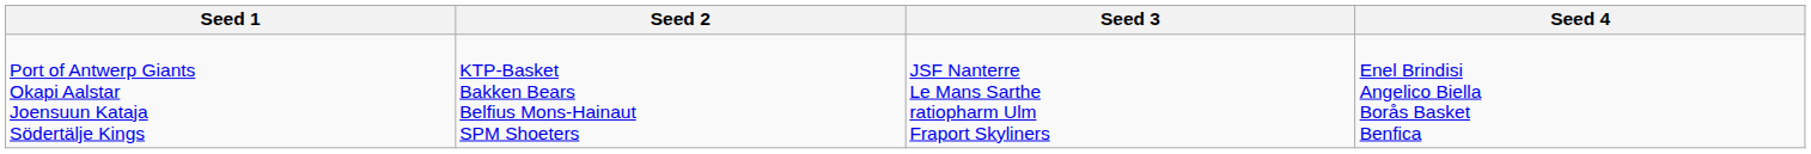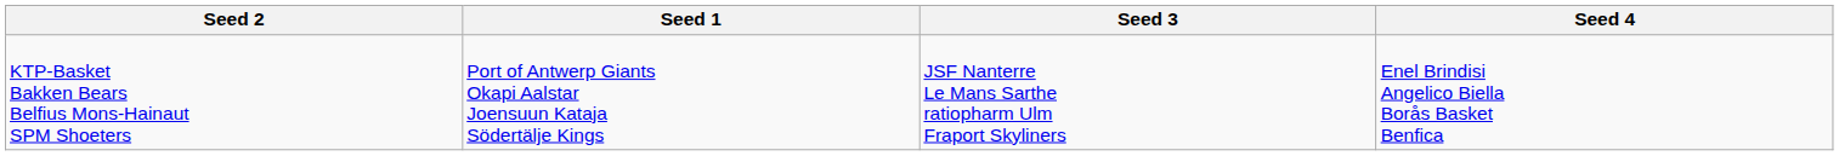 <table class="wikitable" style="width:98%;">
 <tr>
+<th width=16%>Seed 2</th>
 <th width=16%>Seed 1</th>
-<th width=16%>Seed 2</th>
 <th width=16%>Seed 3</th>
 <th width=16%>Seed 4</th>
 </tr>
 <tr>
+<td><br> <a href='#'>KTP-Basket</a><br>  <a href='#'>Bakken Bears</a><br>  <a href='#'>Belfius Mons-Hainaut</a><br>  <a href='#'>SPM Shoeters</a><br></td>
 <td><br> <a href='#'>Port of Antwerp Giants</a> <br>  <a href='#'>Okapi Aalstar</a><br>  <a href='#'>Joensuun Kataja</a><br>  <a href='#'>Södertälje Kings</a><br></td>
-<td><br> <a href='#'>KTP-Basket</a><br>  <a href='#'>Bakken Bears</a><br>  <a href='#'>Belfius Mons-Hainaut</a><br>  <a href='#'>SPM Shoeters</a><br></td>
 <td><br> <a href='#'>JSF Nanterre</a><br>  <a href='#'>Le Mans Sarthe</a><br>  <a href='#'>ratiopharm Ulm</a><br>  <a href='#'>Fraport Skyliners</a><br></td>
 <td><br> <a href='#'>Enel Brindisi</a><br>  <a href='#'>Angelico Biella</a><br>  <a href='#'>Borås Basket</a><br>  <a href='#'>Benfica</a><br></td>
 </tr>
 </table>
